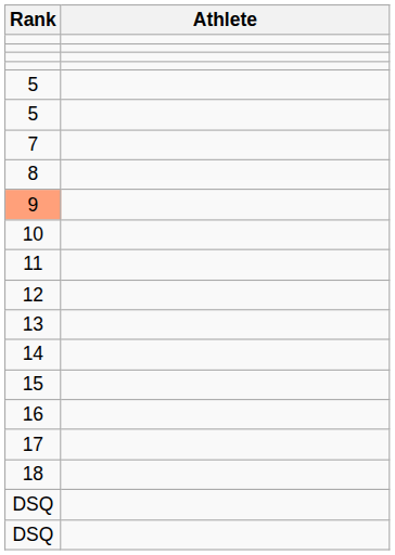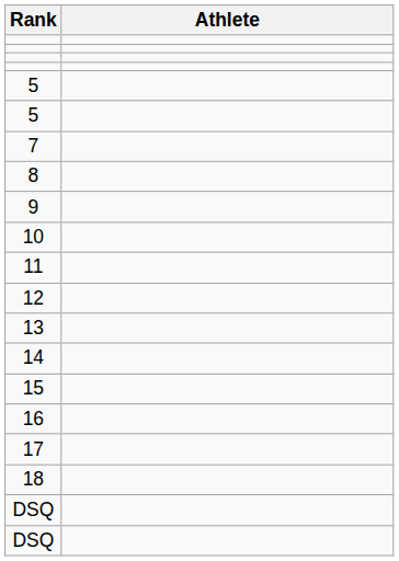 <table class="wikitable" style="text-align: center;">
 <tr>
 <th width=40>Rank</th>
 <th width=270>Athlete</th>
 </tr>
 <tr>
 <td></td>
 <td align="left"></td>
 </tr>
 <tr>
 <td></td>
 <td align="left"></td>
 </tr>
 <tr>
 <td></td>
 <td align="left"></td>
 </tr>
 <tr>
 <td></td>
 <td align="left"></td>
 </tr>
 <tr>
 <td>5</td>
 <td align="left"></td>
 </tr>
 <tr>
 <td>5</td>
 <td align="left"></td>
 </tr>
 <tr>
 <td>7</td>
 <td align="left"></td>
 </tr>
 <tr>
 <td>8</td>
 <td align="left"></td>
 </tr>
 <tr>
-<td style="background: lightsalmon;">9</td>
+<td>9</td>
 <td align="left"></td>
 </tr>
 <tr>
 <td>10</td>
 <td align="left"></td>
 </tr>
 <tr>
 <td>11</td>
 <td align="left"></td>
 </tr>
 <tr>
 <td>12</td>
 <td align="left"></td>
 </tr>
 <tr>
 <td>13</td>
 <td align="left"></td>
 </tr>
 <tr>
 <td>14</td>
 <td align="left"></td>
 </tr>
 <tr>
 <td>15</td>
 <td align="left"></td>
 </tr>
 <tr>
 <td>16</td>
 <td align="left"></td>
 </tr>
 <tr>
 <td>17</td>
 <td align="left"></td>
 </tr>
 <tr>
 <td>18</td>
 <td align="left"></td>
 </tr>
 <tr>
 <td>DSQ</td>
 <td align="left"></td>
 </tr>
 <tr>
 <td>DSQ</td>
 <td align="left"></td>
 </tr>
 </table>
